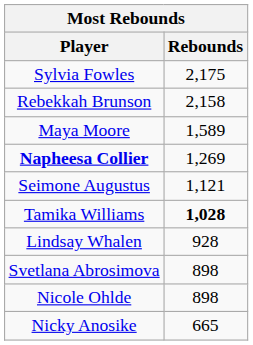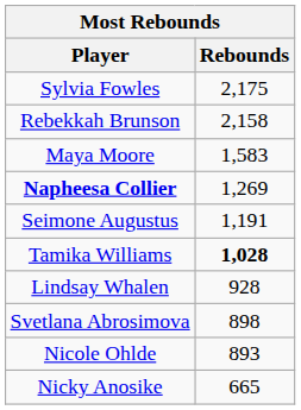 <table class="wikitable sortable" style="text-align:center">
 <tr>
 <th colspan="5">Most Rebounds</th>
 </tr>
 <tr>
 <th>Player</th>
 <th>Rebounds</th>
 </tr>
 <tr>
 <td><a href='#'>Sylvia Fowles</a></td>
 <td>2,175</td>
 </tr>
 <tr>
 <td><a href='#'>Rebekkah Brunson</a></td>
 <td>2,158</td>
 </tr>
 <tr>
 <td><a href='#'>Maya Moore</a></td>
-<td>1,589</td>
+<td>1,583</td>
 </tr>
 <tr>
 <td><strong><a href='#'>Napheesa Collier</a></strong></td>
 <td>1,269</td>
 </tr>
 <tr>
 <td><a href='#'>Seimone Augustus</a></td>
-<td>1,121</td>
+<td>1,191</td>
 </tr>
 <tr>
 <td><a href='#'>Tamika Williams</a></td>
 <td><strong>1,028</strong></td>
 </tr>
 <tr>
 <td><a href='#'>Lindsay Whalen</a></td>
 <td>928</td>
 </tr>
 <tr>
 <td><a href='#'>Svetlana Abrosimova</a></td>
 <td>898</td>
 </tr>
 <tr>
 <td><a href='#'>Nicole Ohlde</a></td>
-<td>898</td>
+<td>893</td>
 </tr>
 <tr>
 <td><a href='#'>Nicky Anosike</a></td>
 <td>665</td>
 </tr>
 </table>
